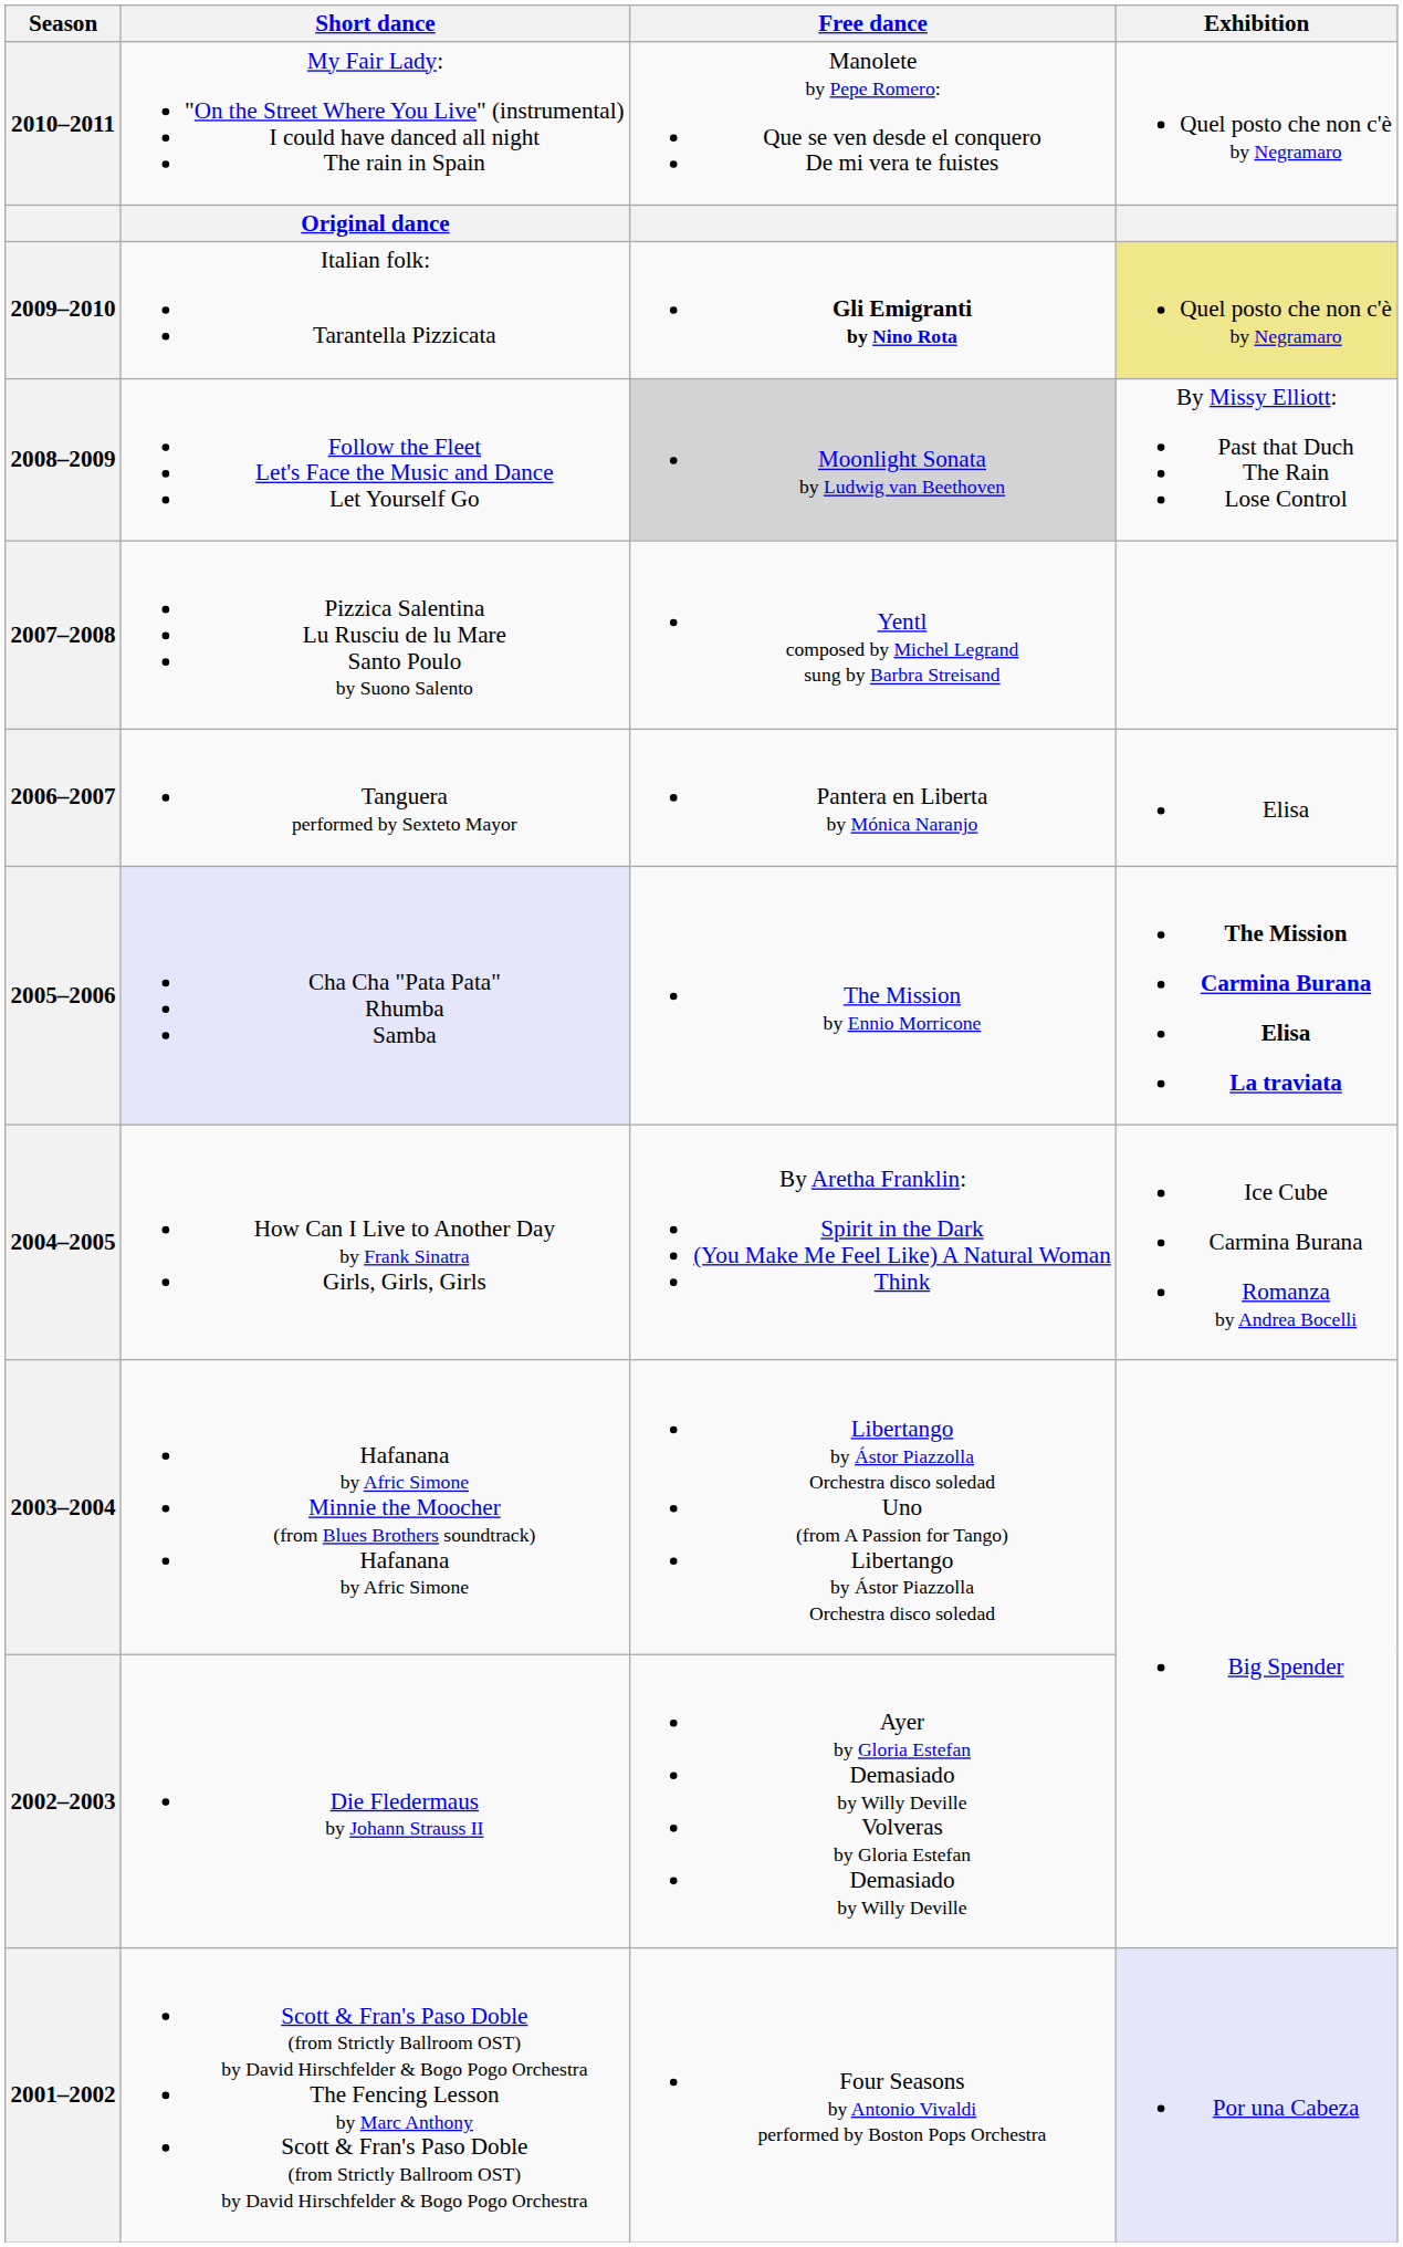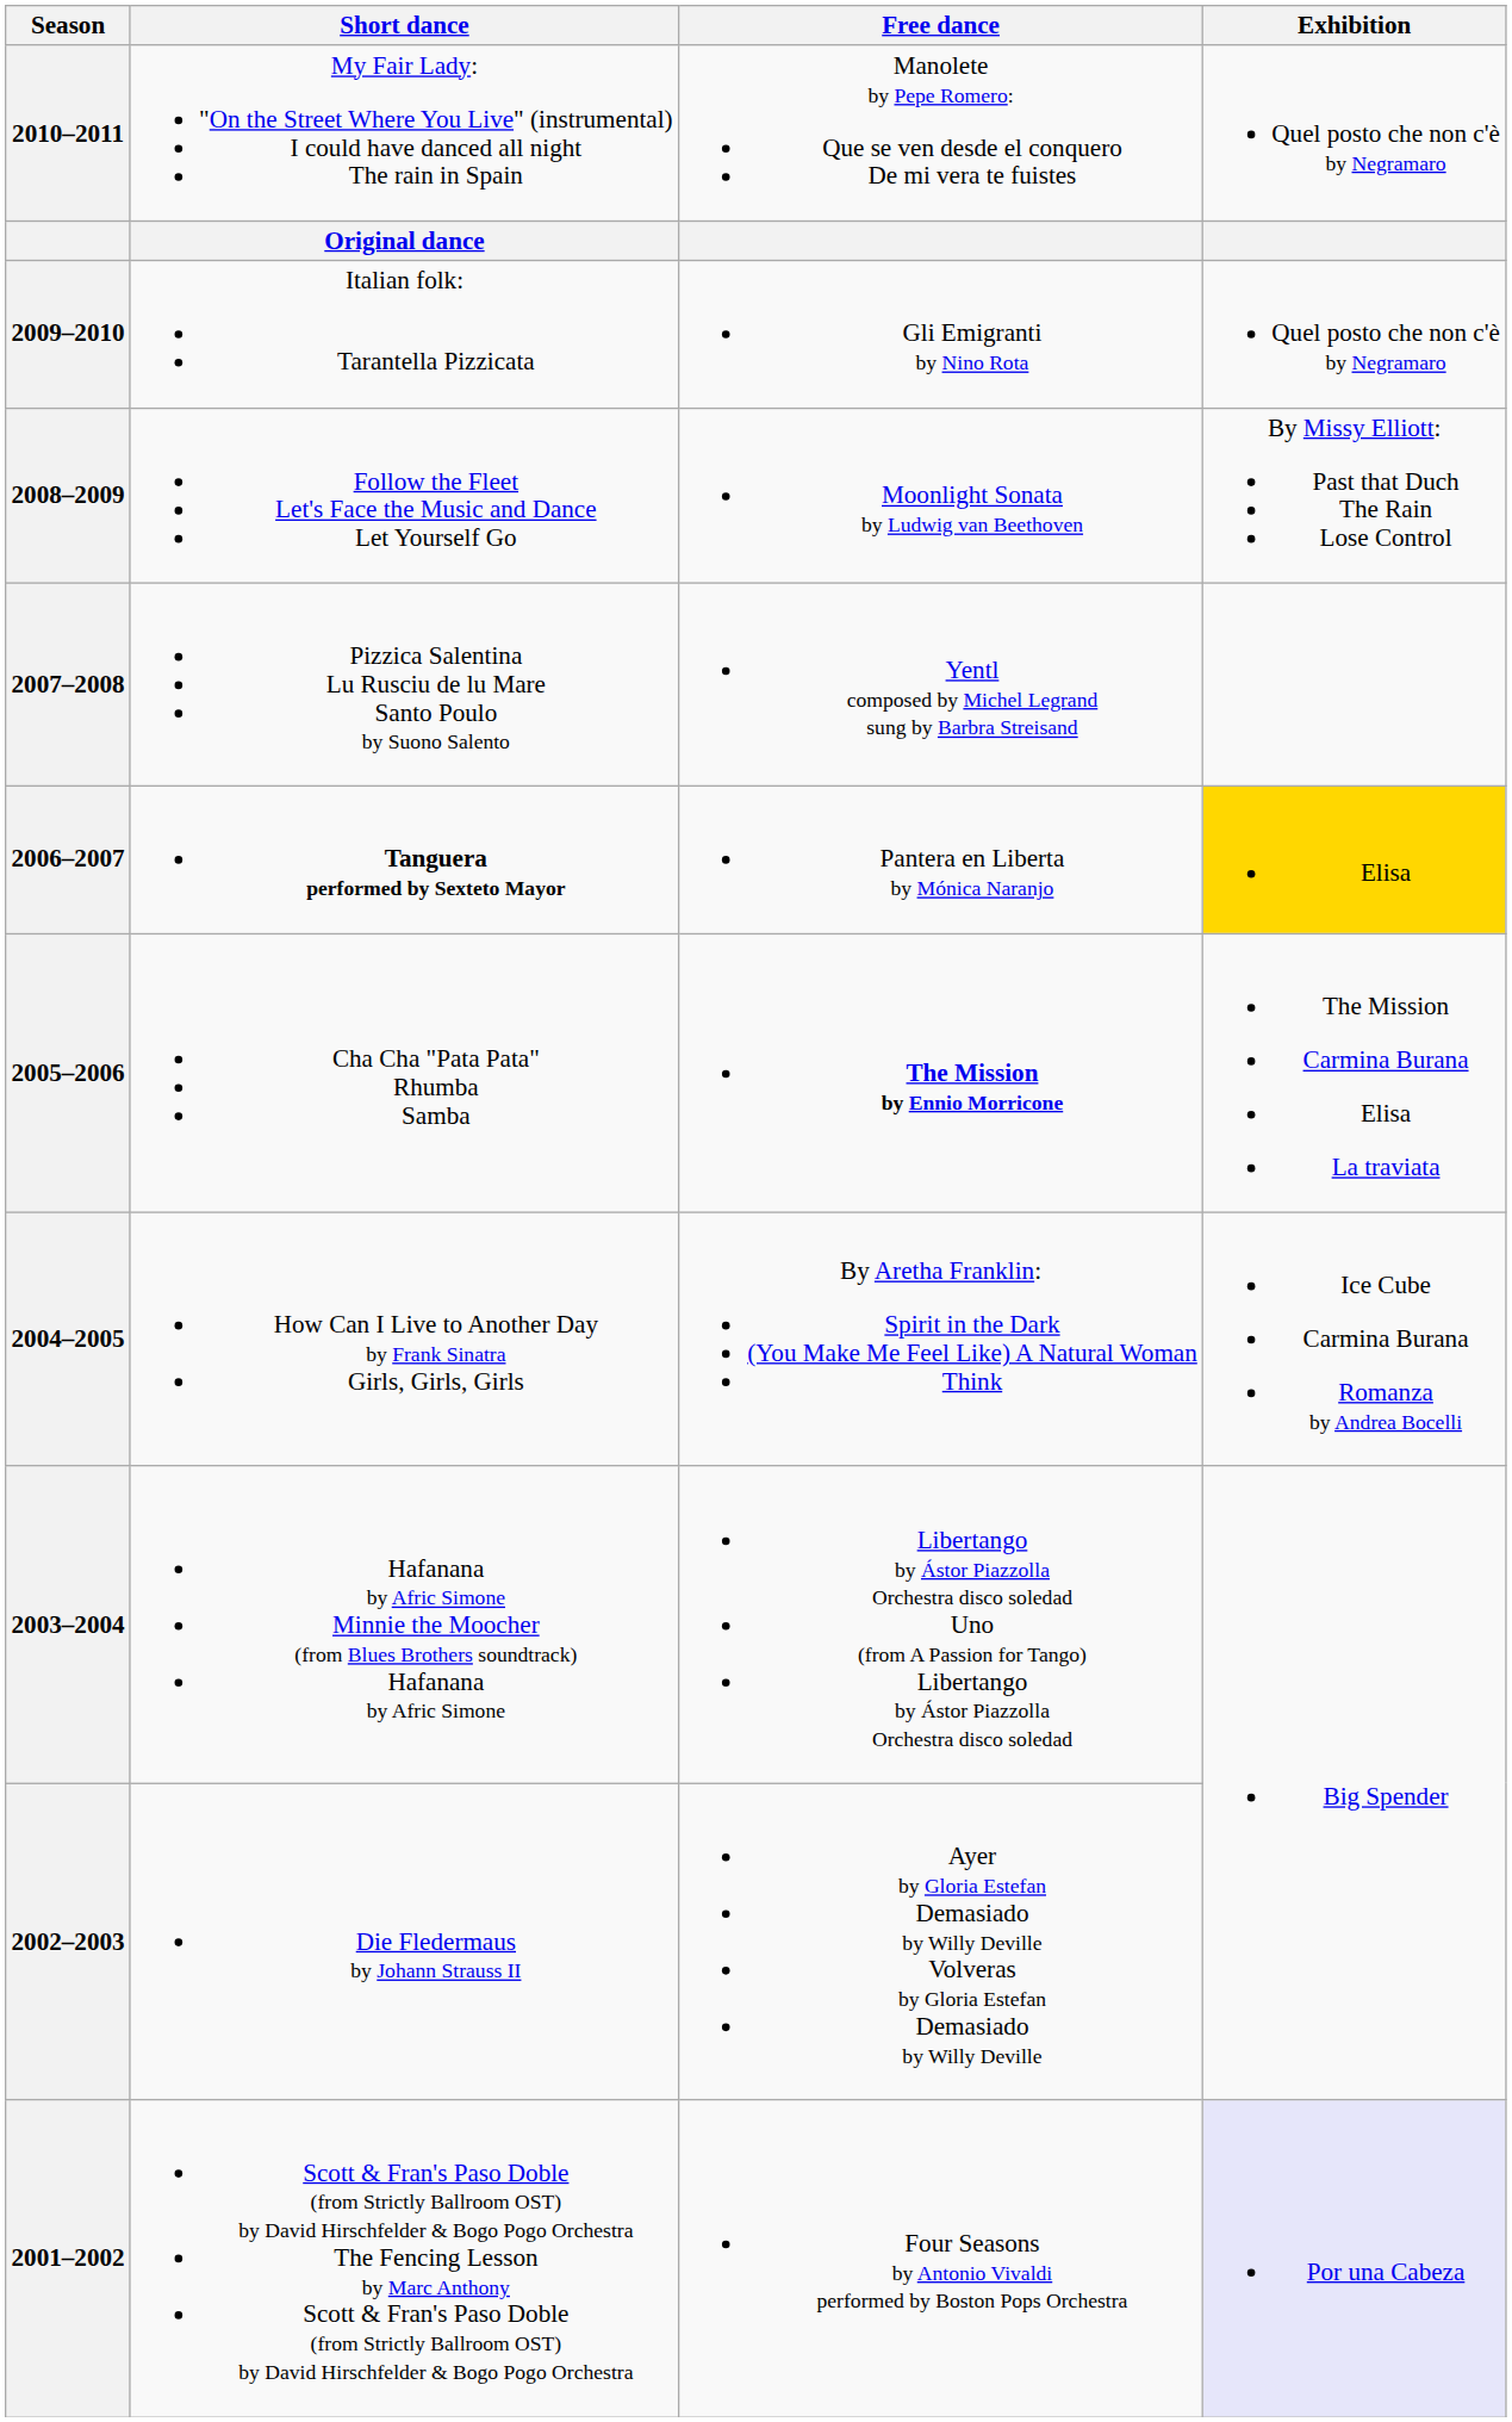 <table class="wikitable" style="text-align:center">
 <tr>
 <th>Season</th>
 <th><a href='#'>Short dance</a></th>
 <th><a href='#'>Free dance</a></th>
 <th>Exhibition</th>
 </tr>
 <tr>
 <th>2010–2011 <br></th>
 <td><a href='#'>My Fair Lady</a>:<br><ul><li>"<a href='#'>On the Street Where You Live</a>" (instrumental)</li><li>I could have danced all night</li><li>The rain in Spain</li></ul></td>
 <td>Manolete <br><small> by <a href='#'>Pepe Romero</a>:</small><br><ul><li>Que se ven desde el conquero</li><li>De mi vera te fuistes</li></ul></td>
 <td><br><ul><li>Quel posto che non c'è <br><small> by <a href='#'>Negramaro</a> </small></li></ul></td>
 </tr>
 <tr>
 <th></th>
 <th><a href='#'>Original dance</a></th>
 <th></th>
 <th></th>
 </tr>
 <tr>
 <th>2009–2010 <br></th>
 <td>Italian folk:<br><ul><li></li><li>Tarantella Pizzicata</li></ul></td>
-<td><strong><br><ul><li>Gli Emigranti <br><small> by <a href='#'>Nino Rota</a> </small></li></ul></strong></td>
-<td style="background: khaki;"><br><ul><li>Quel posto che non c'è <br><small> by <a href='#'>Negramaro</a> </small></li></ul></td>
+<td><br><ul><li>Gli Emigranti <br><small> by <a href='#'>Nino Rota</a> </small></li></ul></td>
+<td><br><ul><li>Quel posto che non c'è <br><small> by <a href='#'>Negramaro</a> </small></li></ul></td>
 </tr>
 <tr>
 <th>2008–2009 <br></th>
 <td><br><ul><li><a href='#'>Follow the Fleet</a></li><li><a href='#'>Let's Face the Music and Dance</a></li><li>Let Yourself Go</li></ul></td>
-<td style="background: lightgrey;"><br><ul><li><a href='#'>Moonlight Sonata</a> <br><small> by <a href='#'>Ludwig van Beethoven</a> </small></li></ul></td>
+<td><br><ul><li><a href='#'>Moonlight Sonata</a> <br><small> by <a href='#'>Ludwig van Beethoven</a> </small></li></ul></td>
 <td>By <a href='#'>Missy Elliott</a>:<br><ul><li>Past that Duch</li><li>The Rain</li><li>Lose Control</li></ul></td>
 </tr>
 <tr>
 <th>2007–2008 <br></th>
 <td><br><ul><li>Pizzica Salentina</li><li>Lu Rusciu de lu Mare</li><li>Santo Poulo <br><small> by Suono Salento </small></li></ul></td>
 <td><br><ul><li><a href='#'>Yentl</a> <br><small> composed by <a href='#'>Michel Legrand</a> <br> sung by <a href='#'>Barbra Streisand</a> </small></li></ul></td>
 <td></td>
 </tr>
 <tr>
 <th>2006–2007 <br></th>
-<td><br><ul><li>Tanguera <br><small> performed by Sexteto Mayor </small></li></ul></td>
+<td><strong><br><ul><li>Tanguera <br><small> performed by Sexteto Mayor </small></li></ul></strong></td>
 <td><br><ul><li>Pantera en Liberta <br><small> by <a href='#'>Mónica Naranjo</a> </small></li></ul></td>
-<td><br><ul><li>Elisa</li></ul></td>
+<td style="background: gold;"><br><ul><li>Elisa</li></ul></td>
 </tr>
 <tr>
 <th>2005–2006 <br></th>
-<td style="background: lavender;"><br><ul><li>Cha Cha "Pata Pata"</li><li>Rhumba</li><li>Samba</li></ul></td>
-<td><br><ul><li><a href='#'>The Mission</a> <br><small> by <a href='#'>Ennio Morricone</a> </small></li></ul></td>
-<td><strong><br><ul><li>The Mission</li></ul><ul><li><a href='#'>Carmina Burana</a></li></ul><ul><li>Elisa</li></ul><ul><li><a href='#'>La traviata</a></li></ul></strong></td>
+<td><br><ul><li>Cha Cha "Pata Pata"</li><li>Rhumba</li><li>Samba</li></ul></td>
+<td><strong><br><ul><li><a href='#'>The Mission</a> <br><small> by <a href='#'>Ennio Morricone</a> </small></li></ul></strong></td>
+<td><br><ul><li>The Mission</li></ul><ul><li><a href='#'>Carmina Burana</a></li></ul><ul><li>Elisa</li></ul><ul><li><a href='#'>La traviata</a></li></ul></td>
 </tr>
 <tr>
 <th>2004–2005 <br></th>
 <td><br><ul><li>How Can I Live to Another Day <br><small> by <a href='#'>Frank Sinatra</a> </small></li><li>Girls, Girls, Girls</li></ul></td>
 <td>By <a href='#'>Aretha Franklin</a>:<br><ul><li><a href='#'>Spirit in the Dark</a></li><li><a href='#'>(You Make Me Feel Like) A Natural Woman</a></li><li><a href='#'>Think</a></li></ul></td>
 <td><br><ul><li>Ice Cube</li></ul><ul><li>Carmina Burana</li></ul><ul><li><a href='#'>Romanza</a> <br><small> by <a href='#'>Andrea Bocelli</a></small></li></ul></td>
 </tr>
 <tr>
 <th>2003–2004 <br></th>
 <td><br><ul><li>Hafanana <br><small> by <a href='#'>Afric Simone</a> </small></li><li><a href='#'>Minnie the Moocher</a> <br><small> (from <a href='#'>Blues Brothers</a> soundtrack) </small></li><li>Hafanana <br><small> by Afric Simone </small></li></ul></td>
 <td><br><ul><li><a href='#'>Libertango</a> <br><small> by <a href='#'>Ástor Piazzolla</a> <br> Orchestra disco soledad </small></li><li>Uno <br><small> (from A Passion for Tango) </small></li><li>Libertango <br><small> by Ástor Piazzolla <br> Orchestra disco soledad </small></li></ul></td>
 <td rowspan=2><br><ul><li><a href='#'>Big Spender</a></li></ul></td>
 </tr>
 <tr>
 <th>2002–2003 <br></th>
 <td><br><ul><li><a href='#'>Die Fledermaus</a> <br><small> by <a href='#'>Johann Strauss II</a> </small></li></ul></td>
 <td><br><ul><li>Ayer <br><small> by <a href='#'>Gloria Estefan</a> </small></li><li>Demasiado <br><small> by Willy Deville </small></li><li>Volveras <br><small> by Gloria Estefan </small></li><li>Demasiado <br><small> by Willy Deville </small></li></ul></td>
 </tr>
 <tr>
 <th>2001–2002 <br></th>
 <td><br><ul><li><a href='#'>Scott & Fran's Paso Doble</a> <br><small> (from Strictly Ballroom OST) <br> by David Hirschfelder & Bogo Pogo Orchestra </small></li><li>The Fencing Lesson <br><small> by <a href='#'>Marc Anthony</a> </small></li><li>Scott & Fran's Paso Doble <br><small> (from Strictly Ballroom OST) <br> by David Hirschfelder & Bogo Pogo Orchestra </small></li></ul></td>
 <td><br><ul><li>Four Seasons <br><small> by <a href='#'>Antonio Vivaldi</a> <br> performed by Boston Pops Orchestra </small></li></ul></td>
 <td style="background: lavender;"><br><ul><li><a href='#'>Por una Cabeza</a></li></ul></td>
 </tr>
 </table>
